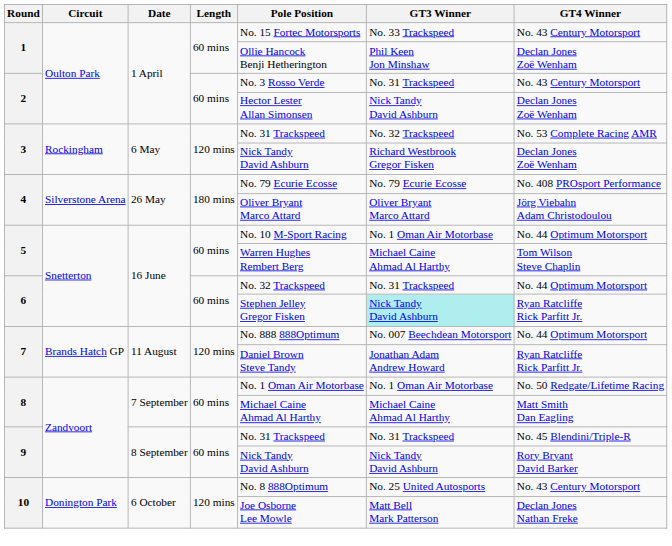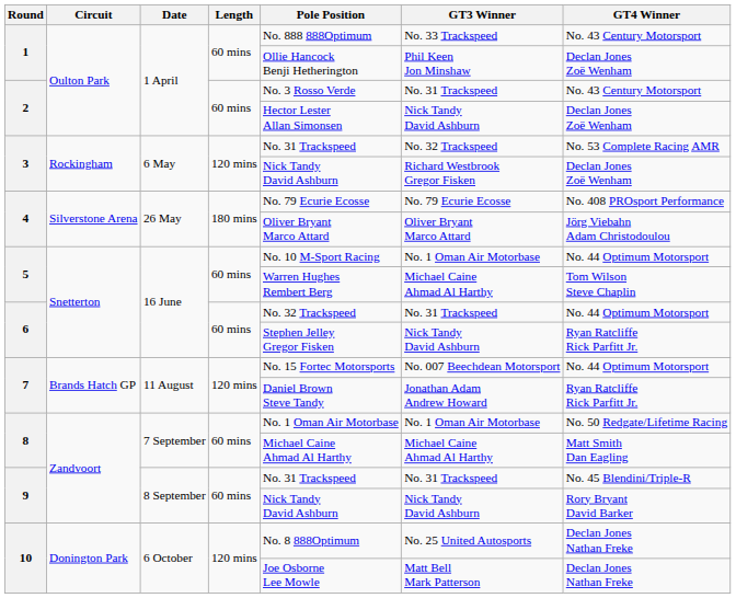 <table class="wikitable" style="font-size: 85%">
 <tr>
 <th>Round</th>
 <th>Circuit</th>
 <th>Date</th>
 <th>Length</th>
 <th>Pole Position</th>
 <th>GT3 Winner</th>
 <th>GT4 Winner</th>
 </tr>
 <tr>
 <th rowspan=2>1</th>
 <td rowspan=4><a href='#'>Oulton Park</a></td>
 <td rowspan=4>1 April</td>
 <td rowspan=2>60 mins</td>
-<td>No. 15 <a href='#'>Fortec Motorsports</a></td>
+<td>No. 888 <a href='#'>888Optimum</a></td>
 <td>No. 33 <a href='#'>Trackspeed</a></td>
 <td>No. 43 <a href='#'>Century Motorsport</a></td>
 </tr>
 <tr>
 <td> <a href='#'>Ollie Hancock</a><br> Benji Hetherington</td>
 <td> <a href='#'>Phil Keen</a><br> <a href='#'>Jon Minshaw</a></td>
 <td> <a href='#'>Declan Jones</a><br> <a href='#'>Zoë Wenham</a></td>
 </tr>
 <tr>
 <th rowspan=2>2</th>
 <td rowspan=2>60 mins</td>
 <td>No. 3 <a href='#'>Rosso Verde</a></td>
 <td>No. 31 <a href='#'>Trackspeed</a></td>
 <td>No. 43 <a href='#'>Century Motorsport</a></td>
 </tr>
 <tr>
 <td> <a href='#'>Hector Lester</a><br> <a href='#'>Allan Simonsen</a></td>
 <td> <a href='#'>Nick Tandy</a><br> <a href='#'>David Ashburn</a></td>
 <td> <a href='#'>Declan Jones</a><br> <a href='#'>Zoë Wenham</a></td>
 </tr>
 <tr>
 <th rowspan=2>3</th>
 <td rowspan=2><a href='#'>Rockingham</a></td>
 <td rowspan=2>6 May</td>
 <td rowspan=2>120 mins</td>
 <td>No. 31 <a href='#'>Trackspeed</a></td>
 <td>No. 32 <a href='#'>Trackspeed</a></td>
 <td>No. 53 <a href='#'>Complete Racing</a> <a href='#'>AMR</a></td>
 </tr>
 <tr>
 <td> <a href='#'>Nick Tandy</a><br> <a href='#'>David Ashburn</a></td>
 <td> <a href='#'>Richard Westbrook</a><br> <a href='#'>Gregor Fisken</a></td>
 <td> <a href='#'>Declan Jones</a><br> <a href='#'>Zoë Wenham</a></td>
 </tr>
 <tr>
 <th rowspan=2>4</th>
 <td rowspan=2><a href='#'>Silverstone Arena</a></td>
 <td rowspan=2>26 May</td>
 <td rowspan=2>180 mins</td>
 <td>No. 79 <a href='#'>Ecurie Ecosse</a></td>
 <td>No. 79 <a href='#'>Ecurie Ecosse</a></td>
 <td>No. 408 <a href='#'>PROsport Performance</a></td>
 </tr>
 <tr>
 <td> <a href='#'>Oliver Bryant</a><br> <a href='#'>Marco Attard</a></td>
 <td> <a href='#'>Oliver Bryant</a><br> <a href='#'>Marco Attard</a></td>
 <td> <a href='#'>Jörg Viebahn</a><br> <a href='#'>Adam Christodoulou</a></td>
 </tr>
 <tr>
 <th rowspan=2>5</th>
 <td rowspan=4><a href='#'>Snetterton</a></td>
 <td rowspan=4>16 June</td>
 <td rowspan=2>60 mins</td>
 <td>No. 10 <a href='#'>M-Sport Racing</a></td>
 <td>No. 1 <a href='#'>Oman Air Motorbase</a></td>
 <td>No. 44 <a href='#'>Optimum Motorsport</a></td>
 </tr>
 <tr>
 <td> <a href='#'>Warren Hughes</a><br> <a href='#'>Rembert Berg</a></td>
 <td> <a href='#'>Michael Caine</a><br> <a href='#'>Ahmad Al Harthy</a></td>
 <td> <a href='#'>Tom Wilson</a><br> <a href='#'>Steve Chaplin</a></td>
 </tr>
 <tr>
 <th rowspan=2>6</th>
 <td rowspan=2>60 mins</td>
 <td>No. 32 <a href='#'>Trackspeed</a></td>
 <td>No. 31 <a href='#'>Trackspeed</a></td>
 <td>No. 44 <a href='#'>Optimum Motorsport</a></td>
 </tr>
 <tr>
 <td> <a href='#'>Stephen Jelley</a><br> <a href='#'>Gregor Fisken</a></td>
-<td style="background: paleturquoise;"> <a href='#'>Nick Tandy</a><br> <a href='#'>David Ashburn</a></td>
+<td> <a href='#'>Nick Tandy</a><br> <a href='#'>David Ashburn</a></td>
 <td> <a href='#'>Ryan Ratcliffe</a><br> <a href='#'>Rick Parfitt Jr.</a></td>
 </tr>
 <tr>
 <th rowspan=2>7</th>
 <td rowspan=2><a href='#'>Brands Hatch</a> GP</td>
 <td rowspan=2>11 August</td>
 <td rowspan=2>120 mins</td>
-<td>No. 888 <a href='#'>888Optimum</a></td>
+<td>No. 15 <a href='#'>Fortec Motorsports</a></td>
 <td>No. 007 <a href='#'>Beechdean Motorsport</a></td>
 <td>No. 44 <a href='#'>Optimum Motorsport</a></td>
 </tr>
 <tr>
 <td> <a href='#'>Daniel Brown</a><br> <a href='#'>Steve Tandy</a></td>
 <td> <a href='#'>Jonathan Adam</a><br> <a href='#'>Andrew Howard</a></td>
 <td> <a href='#'>Ryan Ratcliffe</a><br> <a href='#'>Rick Parfitt Jr.</a></td>
 </tr>
 <tr>
 <th rowspan=2>8</th>
 <td rowspan=4><a href='#'>Zandvoort</a></td>
 <td rowspan=2>7 September</td>
 <td rowspan=2>60 mins</td>
 <td>No. 1 <a href='#'>Oman Air Motorbase</a></td>
 <td>No. 1 <a href='#'>Oman Air Motorbase</a></td>
 <td>No. 50 <a href='#'>Redgate/Lifetime Racing</a></td>
 </tr>
 <tr>
 <td> <a href='#'>Michael Caine</a><br> <a href='#'>Ahmad Al Harthy</a></td>
 <td> <a href='#'>Michael Caine</a><br> <a href='#'>Ahmad Al Harthy</a></td>
 <td> <a href='#'>Matt Smith</a><br> <a href='#'>Dan Eagling</a></td>
 </tr>
 <tr>
 <th rowspan=2>9</th>
 <td rowspan=2>8 September</td>
 <td rowspan=2>60 mins</td>
 <td>No. 31 <a href='#'>Trackspeed</a></td>
 <td>No. 31 <a href='#'>Trackspeed</a></td>
 <td>No. 45 <a href='#'>Blendini/Triple-R</a></td>
 </tr>
 <tr>
 <td> <a href='#'>Nick Tandy</a><br> <a href='#'>David Ashburn</a></td>
 <td> <a href='#'>Nick Tandy</a><br> <a href='#'>David Ashburn</a></td>
 <td> <a href='#'>Rory Bryant</a><br> <a href='#'>David Barker</a></td>
 </tr>
 <tr>
 <th rowspan=2>10</th>
 <td rowspan=2><a href='#'>Donington Park</a></td>
 <td rowspan=2>6 October</td>
 <td rowspan=2>120 mins</td>
 <td>No. 8 <a href='#'>888Optimum</a></td>
 <td>No. 25 <a href='#'>United Autosports</a></td>
-<td>No. 43 <a href='#'>Century Motorsport</a></td>
+<td> <a href='#'>Declan Jones</a><br> <a href='#'>Nathan Freke</a></td>
 </tr>
 <tr>
 <td> <a href='#'>Joe Osborne</a><br> <a href='#'>Lee Mowle</a></td>
 <td> <a href='#'>Matt Bell</a><br> <a href='#'>Mark Patterson</a></td>
 <td> <a href='#'>Declan Jones</a><br> <a href='#'>Nathan Freke</a></td>
 </tr>
 </table>
